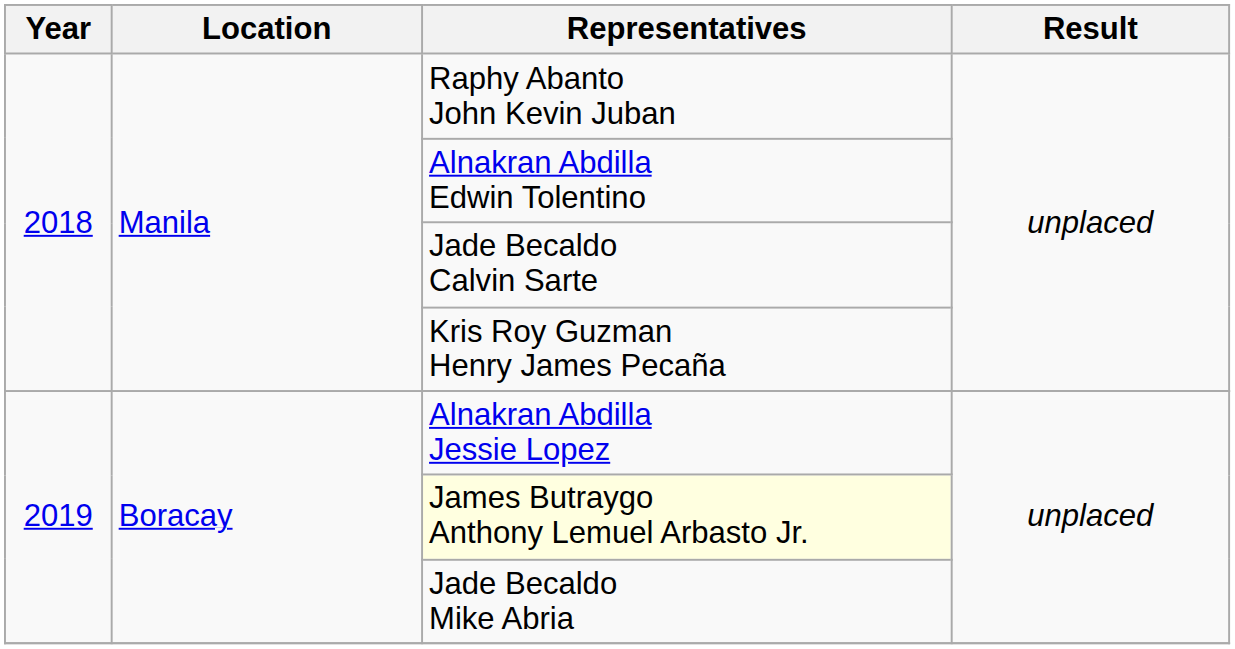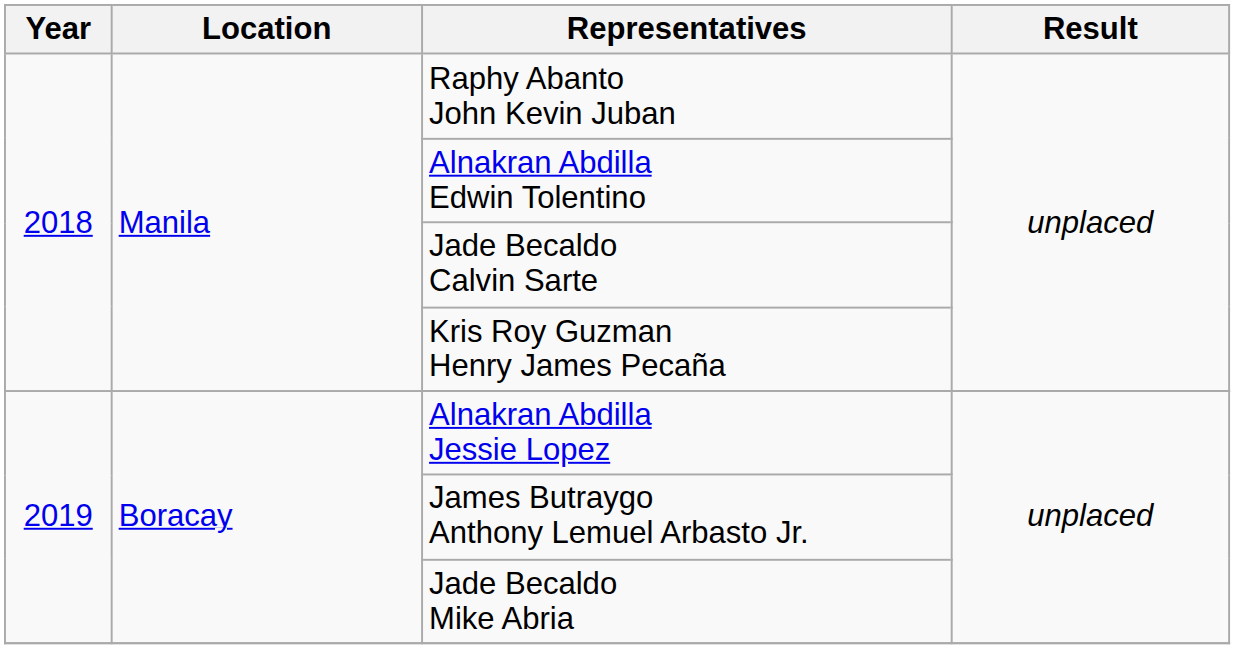 <table class="wikitable" style="font-size:100%; width:50%;">
 <tr>
 <th style= "align=center; width:10em;">Year</th>
 <th style= "align=center; width:60em;">Location</th>
 <th style= "align=center; width:100em;">Representatives</th>
 <th style= "align=center; width:50em;">Result</th>
 </tr>
 <tr>
 <td rowspan=4 align=center><a href='#'>2018</a></td>
 <td rowspan=4> <a href='#'>Manila</a></td>
 <td>Raphy Abanto <br> John Kevin Juban</td>
 <td rowspan=4 align=center><em>unplaced</em></td>
 </tr>
 <tr>
 <td><a href='#'>Alnakran Abdilla</a> <br> Edwin Tolentino</td>
 </tr>
 <tr>
 <td>Jade Becaldo <br> Calvin Sarte</td>
 </tr>
 <tr>
 <td>Kris Roy Guzman <br> Henry James Pecaña</td>
 </tr>
 <tr>
 <td rowspan=4 align=center><a href='#'>2019</a></td>
 <td rowspan=4> <a href='#'>Boracay</a></td>
 </tr>
 <tr>
 <td><a href='#'>Alnakran Abdilla</a> <br> <a href='#'>Jessie Lopez</a></td>
 <td rowspan=3 align=center><em>unplaced</em></td>
 </tr>
 <tr>
-<td style="background: lightyellow;">James Butraygo <br> Anthony Lemuel Arbasto Jr.</td>
+<td>James Butraygo <br> Anthony Lemuel Arbasto Jr.</td>
 </tr>
 <tr>
 <td>Jade Becaldo <br> Mike Abria</td>
 </tr>
 <tr>
 </tr>
 </table>
